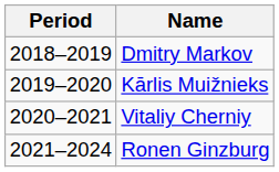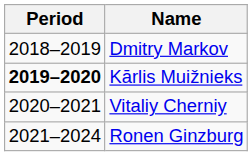 <table class="wikitable">
 <tr>
 <th>Period</th>
 <th>Name</th>
 </tr>
 <tr>
 <td>2018–2019</td>
 <td> <a href='#'>Dmitry Markov</a></td>
 </tr>
 <tr>
-<td>2019–2020</td>
+<td><strong>2019–2020</strong></td>
 <td> <a href='#'>Kārlis Muižnieks</a></td>
 </tr>
 <tr>
 <td>2020–2021</td>
 <td> <a href='#'>Vitaliy Cherniy</a></td>
 </tr>
 <tr>
 <td>2021–2024</td>
 <td> <a href='#'>Ronen Ginzburg</a></td>
 </tr>
 </table>
